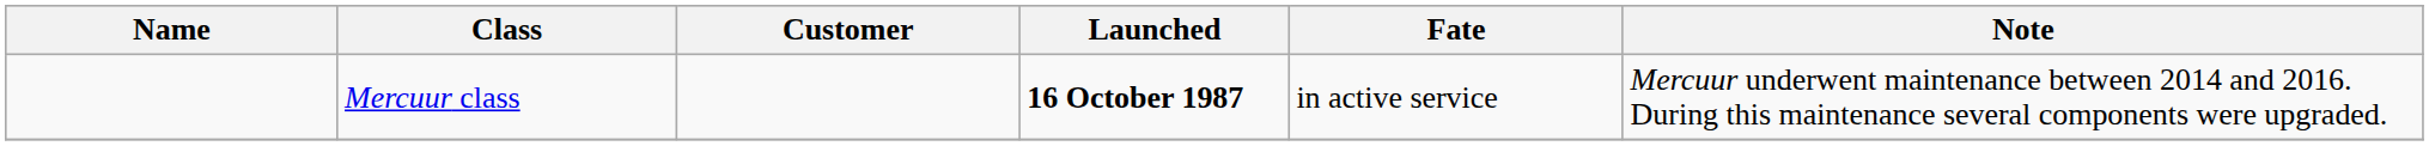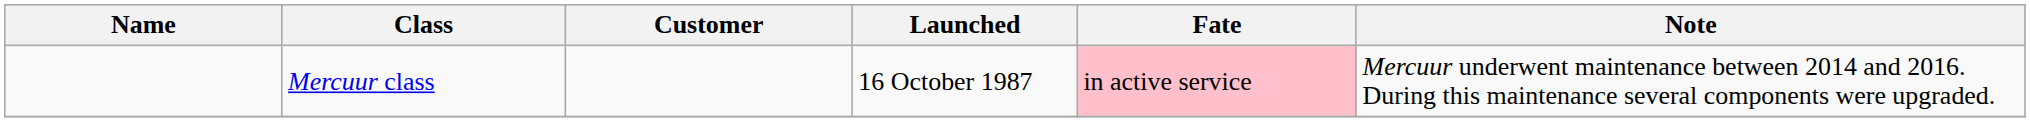 <table class="wikitable mw-collapsible mw-collapsed">
 <tr>
 <th width="200">Name</th>
 <th width="200">Class</th>
 <th width="200">Customer</th>
 <th width="150">Launched</th>
 <th width="200">Fate</th>
 <th width="500">Note</th>
 </tr>
 <tr>
 <td></td>
 <td><a href='#'><em>Mercuur</em> class</a></td>
 <td></td>
-<td><strong>16 October 1987</strong></td>
-<td>in active service</td>
+<td>16 October 1987</td>
+<td style="background: pink;">in active service</td>
 <td><em>Mercuur</em> underwent maintenance between 2014 and 2016. During this maintenance several components were upgraded.</td>
 </tr>
 <tr>
 </tr>
 </table>
